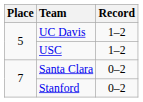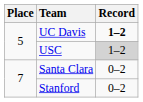 <table class="wikitable" style="text-align:center; padding-bottom:0;">
 <tr>
 <th>Place</th>
 <th style="text-align:left;">Team</th>
 <th>Record</th>
 </tr>
 <tr>
 <td rowspan=2>5</td>
 <td align=left><a href='#'>UC Davis</a></td>
-<td>1–2</td>
+<td><strong>1–2</strong></td>
 </tr>
 <tr>
 <td align=left><a href='#'>USC</a></td>
-<td>1–2</td>
+<td style="background: lightgrey;">1–2</td>
 </tr>
 <tr>
 <td rowspan=2>7</td>
 <td align=left><a href='#'>Santa Clara</a></td>
 <td>0–2</td>
 </tr>
 <tr>
 <td align=left><a href='#'>Stanford</a></td>
 <td>0–2</td>
 </tr>
 </table>
